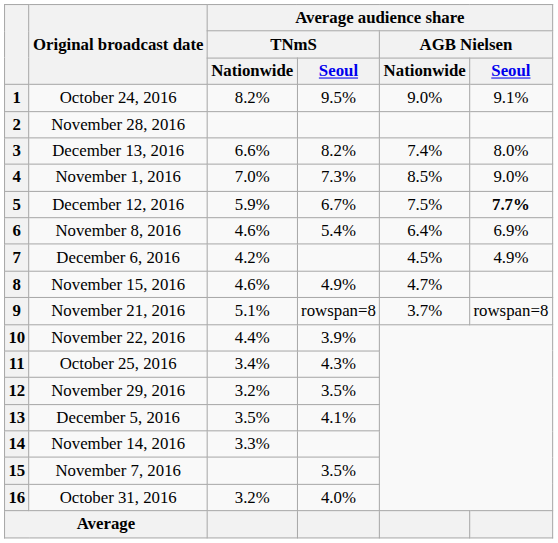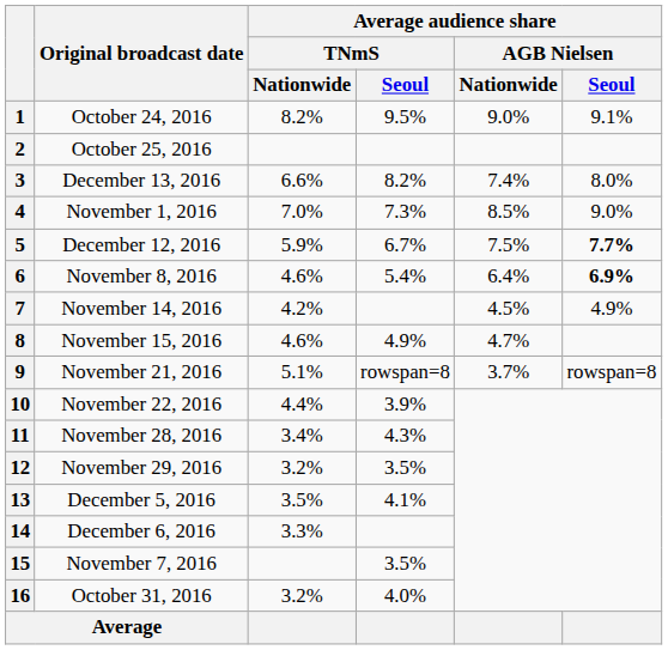 <table class="wikitable" style="text-align:center">
 <tr>
 <th rowspan="3"></th>
 <th rowspan="3">Original broadcast date</th>
 <th colspan="4">Average audience share</th>
 </tr>
 <tr>
 <th colspan="2">TNmS</th>
 <th colspan="2">AGB Nielsen</th>
 </tr>
 <tr>
 <th>Nationwide</th>
 <th><a href='#'>Seoul</a></th>
 <th>Nationwide</th>
 <th><a href='#'>Seoul</a></th>
 </tr>
 <tr>
 <th>1</th>
 <td>October 24, 2016</td>
 <td>8.2% </td>
 <td>9.5% </td>
 <td>9.0% </td>
 <td>9.1% </td>
 </tr>
 <tr>
 <th>2</th>
-<td>November 28, 2016</td>
+<td>October 25, 2016</td>
 <td> </td>
 <td> </td>
 <td> </td>
 <td> </td>
 </tr>
 <tr>
 <th>3</th>
 <td>December 13, 2016</td>
 <td>6.6% </td>
 <td>8.2% </td>
 <td>7.4% </td>
 <td>8.0% </td>
 </tr>
 <tr>
 <th>4</th>
 <td>November 1, 2016</td>
 <td>7.0% </td>
 <td>7.3% </td>
 <td>8.5% </td>
 <td>9.0% </td>
 </tr>
 <tr>
 <th>5</th>
 <td>December 12, 2016</td>
 <td>5.9% </td>
 <td>6.7% </td>
 <td>7.5% </td>
 <td><strong>7.7% </strong></td>
 </tr>
 <tr>
 <th>6</th>
 <td>November 8, 2016</td>
 <td>4.6% </td>
 <td>5.4% </td>
 <td>6.4% </td>
-<td>6.9% </td>
+<td><strong>6.9% </strong></td>
 </tr>
 <tr>
 <th>7</th>
-<td>December 6, 2016</td>
+<td>November 14, 2016</td>
 <td>4.2% </td>
 <td> </td>
 <td>4.5% </td>
 <td>4.9% </td>
 </tr>
 <tr>
 <th>8</th>
 <td>November 15, 2016</td>
 <td>4.6% </td>
 <td>4.9% </td>
 <td>4.7% </td>
 <td> </td>
 </tr>
 <tr>
 <th>9</th>
 <td>November 21, 2016</td>
 <td>5.1% </td>
 <td>rowspan=8 </td>
 <td>3.7% </td>
 <td>rowspan=8 </td>
 </tr>
 <tr>
 <th>10</th>
 <td>November 22, 2016</td>
 <td>4.4% </td>
 <td>3.9% </td>
 </tr>
 <tr>
 <th>11</th>
-<td>October 25, 2016</td>
+<td>November 28, 2016</td>
 <td>3.4% </td>
 <td>4.3% </td>
 </tr>
 <tr>
 <th>12</th>
 <td>November 29, 2016</td>
 <td>3.2% </td>
 <td>3.5% </td>
 </tr>
 <tr>
 <th>13</th>
 <td>December 5, 2016</td>
 <td>3.5% </td>
 <td>4.1% </td>
 </tr>
 <tr>
 <th>14</th>
-<td>November 14, 2016</td>
+<td>December 6, 2016</td>
 <td>3.3% </td>
 <td> </td>
 </tr>
 <tr>
 <th>15</th>
 <td>November 7, 2016</td>
 <td> </td>
 <td>3.5% </td>
 </tr>
 <tr>
 <th>16</th>
 <td>October 31, 2016</td>
 <td>3.2% </td>
 <td>4.0% </td>
 </tr>
 <tr>
 <th colspan="2">Average</th>
 <th></th>
 <th></th>
 <th></th>
 <th></th>
 </tr>
 </table>
